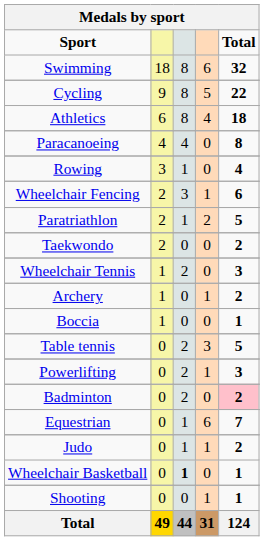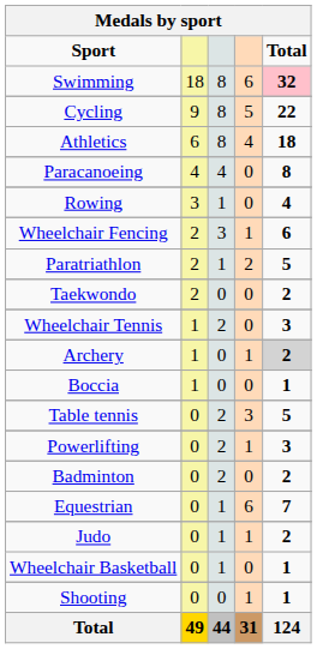 <table class="wikitable" style="font-size:95%">
 <tr style="background:#efefef;">
 <th colspan=5>Medals by sport</th>
 </tr>
 <tr style="text-align:center;">
 <td><strong>Sport</strong></td>
 <td bgcolor=#f7f6a8></td>
 <td bgcolor=#dce5e5></td>
 <td bgcolor=#ffdab9></td>
 <td><strong>Total</strong></td>
 </tr>
 <tr style="text-align:center;">
 <td><a href='#'>Swimming</a></td>
 <td style="background:#F7F6A8;">18</td>
 <td style="background:#DCE5E5;">8</td>
 <td style="background:#FFDAB9;">6</td>
-<td><strong>32</strong></td>
+<td style="background: pink;"><strong>32</strong></td>
 </tr>
 <tr>
 </tr>
 <tr style="text-align:center;">
 <td><a href='#'>Cycling</a></td>
 <td style="background:#F7F6A8;">9</td>
 <td style="background:#DCE5E5;">8</td>
 <td style="background:#FFDAB9;">5</td>
 <td><strong>22</strong></td>
 </tr>
 <tr>
 </tr>
 <tr style="text-align:center;">
 <td><a href='#'>Athletics</a></td>
 <td style="background:#F7F6A8;">6</td>
 <td style="background:#DCE5E5;">8</td>
 <td style="background:#FFDAB9;">4</td>
 <td><strong>18</strong></td>
 </tr>
 <tr>
 </tr>
 <tr style="text-align:center;">
 <td><a href='#'>Paracanoeing</a></td>
 <td style="background:#F7F6A8;">4</td>
 <td style="background:#DCE5E5;">4</td>
 <td style="background:#FFDAB9;">0</td>
 <td><strong>8</strong></td>
 </tr>
 <tr>
 </tr>
 <tr style="text-align:center;">
 <td><a href='#'>Rowing</a></td>
 <td style="background:#F7F6A8;">3</td>
 <td style="background:#DCE5E5;">1</td>
 <td style="background:#FFDAB9;">0</td>
 <td><strong>4</strong></td>
 </tr>
 <tr>
 </tr>
 <tr style="text-align:center;">
 <td><a href='#'>Wheelchair Fencing</a></td>
 <td style="background:#F7F6A8;">2</td>
 <td style="background:#DCE5E5;">3</td>
 <td style="background:#FFDAB9;">1</td>
 <td><strong>6</strong></td>
 </tr>
 <tr>
 </tr>
 <tr style="text-align:center;">
 <td><a href='#'>Paratriathlon</a></td>
 <td style="background:#F7F6A8;">2</td>
 <td style="background:#DCE5E5;">1</td>
 <td style="background:#FFDAB9;">2</td>
 <td><strong>5</strong></td>
 </tr>
 <tr>
 </tr>
 <tr style="text-align:center;">
 <td><a href='#'>Taekwondo</a></td>
 <td style="background:#F7F6A8;">2</td>
 <td style="background:#DCE5E5;">0</td>
 <td style="background:#FFDAB9;">0</td>
 <td><strong>2</strong></td>
 </tr>
 <tr>
 </tr>
 <tr style="text-align:center;">
 <td><a href='#'>Wheelchair Tennis</a></td>
 <td style="background:#F7F6A8;">1</td>
 <td style="background:#DCE5E5;">2</td>
 <td style="background:#FFDAB9;">0</td>
 <td><strong>3</strong></td>
 </tr>
 <tr>
 </tr>
 <tr style="text-align:center;">
 <td><a href='#'>Archery</a></td>
 <td style="background:#F7F6A8;">1</td>
 <td style="background:#DCE5E5;">0</td>
 <td style="background:#FFDAB9;">1</td>
-<td><strong>2</strong></td>
+<td style="background: lightgrey;"><strong>2</strong></td>
 </tr>
 <tr>
 </tr>
 <tr style="text-align:center;">
 <td><a href='#'>Boccia</a></td>
 <td style="background:#F7F6A8;">1</td>
 <td style="background:#DCE5E5;">0</td>
 <td style="background:#FFDAB9;">0</td>
 <td><strong>1</strong></td>
 </tr>
 <tr>
 </tr>
 <tr style="text-align:center;">
 <td><a href='#'>Table tennis</a></td>
 <td style="background:#F7F6A8;">0</td>
 <td style="background:#DCE5E5;">2</td>
 <td style="background:#FFDAB9;">3</td>
 <td><strong>5</strong></td>
 </tr>
 <tr>
 </tr>
 <tr style="text-align:center;">
 <td><a href='#'>Powerlifting</a></td>
 <td style="background:#F7F6A8;">0</td>
 <td style="background:#DCE5E5;">2</td>
 <td style="background:#FFDAB9;">1</td>
 <td><strong>3</strong></td>
 </tr>
 <tr>
 </tr>
 <tr style="text-align:center;">
 <td><a href='#'>Badminton</a></td>
 <td style="background:#F7F6A8;">0</td>
 <td style="background:#DCE5E5;">2</td>
 <td style="background:#FFDAB9;">0</td>
-<td style="background: pink;"><strong>2</strong></td>
+<td><strong>2</strong></td>
 </tr>
 <tr>
 </tr>
 <tr style="text-align:center;">
 <td><a href='#'>Equestrian</a></td>
 <td style="background:#F7F6A8;">0</td>
 <td style="background:#DCE5E5;">1</td>
 <td style="background:#FFDAB9;">6</td>
 <td><strong>7</strong></td>
 </tr>
 <tr>
 </tr>
 <tr style="text-align:center;">
 <td><a href='#'>Judo</a></td>
 <td style="background:#F7F6A8;">0</td>
 <td style="background:#DCE5E5;">1</td>
 <td style="background:#FFDAB9;">1</td>
 <td><strong>2</strong></td>
 </tr>
 <tr style="text-align:center;">
 <td><a href='#'>Wheelchair Basketball</a></td>
 <td style="background:#F7F6A8;">0</td>
-<td style="background:#DCE5E5;"><strong>1</strong></td>
+<td style="background:#DCE5E5;">1</td>
 <td style="background:#FFDAB9;">0</td>
 <td><strong>1</strong></td>
 </tr>
 <tr>
 </tr>
 <tr style="text-align:center;">
 <td><a href='#'>Shooting</a></td>
 <td style="background:#F7F6A8;">0</td>
 <td style="background:#DCE5E5;">0</td>
 <td style="background:#FFDAB9;">1</td>
 <td><strong>1</strong></td>
 </tr>
 <tr>
 <th>Total</th>
 <th style="background:gold;">49</th>
 <th style="background:silver;">44</th>
 <th style="background:#c96;">31</th>
 <th>124</th>
 </tr>
 </table>
